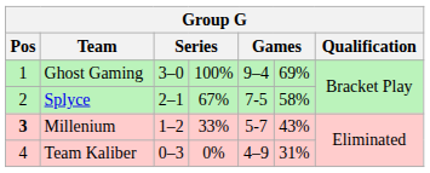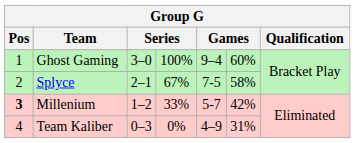 <table class="wikitable" style="display: inline-table;width: 45%;">
 <tr>
 <th colspan="7">Group G</th>
 </tr>
 <tr>
 <th>Pos</th>
 <th>Team</th>
 <th colspan="2">Series</th>
 <th colspan="2">Games</th>
 <th>Qualification</th>
 </tr>
 <tr>
 <td style="text-align:center; background:#BBF3BB;">1</td>
 <td style="text-align:left; background:#BBF3BB;">Ghost Gaming</td>
 <td style="text-align:center; background:#BBF3BB;">3–0</td>
 <td style="text-align:center; background:#BBF3BB;">100%</td>
 <td style="text-align:center; background:#BBF3BB;">9–4</td>
-<td style="text-align:center; background:#BBF3BB;">69%</td>
+<td style="text-align:center; background:#BBF3BB;">60%</td>
 <td style="text-align:center; background:#BBF3BB;" rowspan="2">Bracket Play</td>
 </tr>
 <tr>
 <td style="text-align:center; background:#BBF3BB;">2</td>
 <td style="text-align:left; background:#BBF3BB;"><a href='#'>Splyce</a></td>
 <td style="text-align:center; background:#BBF3BB;">2–1</td>
 <td style="text-align:center; background:#BBF3BB;">67%</td>
 <td style="text-align:center; background:#BBF3BB;">7-5</td>
 <td style="text-align:center; background:#BBF3BB;">58%</td>
 </tr>
 <tr>
 <td style="text-align:center; background:#FFCCCC;"><strong>3</strong></td>
 <td style="text-align:left; background:#FFCCCC;">Millenium</td>
 <td style="text-align:center; background:#FFCCCC;">1–2</td>
 <td style="text-align:center; background:#FFCCCC;">33%</td>
 <td style="text-align:center; background:#FFCCCC;">5-7</td>
-<td style="text-align:center; background:#FFCCCC;">43%</td>
+<td style="text-align:center; background:#FFCCCC;">42%</td>
 <td style="text-align:center; background:#FFCCCC;" rowspan="2">Eliminated</td>
 </tr>
 <tr>
 <td style="text-align:center; background:#FFCCCC;">4</td>
 <td style="text-align:left; background:#FFCCCC;">Team Kaliber</td>
 <td style="text-align:center; background:#FFCCCC;">0–3</td>
 <td style="text-align:center; background:#FFCCCC;">0%</td>
 <td style="text-align:center; background:#FFCCCC;">4–9</td>
 <td style="text-align:center; background:#FFCCCC;">31%</td>
 </tr>
 </table>
